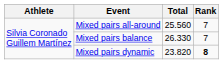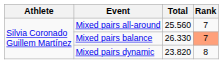 <table class="wikitable" style="font-size:90%">
 <tr>
 <th>Athlete</th>
 <th>Event</th>
 <th>Total</th>
 <th>Rank</th>
 </tr>
 <tr align=center>
 <td rowspan=3 align=left><a href='#'>Silvia Coronado</a><br><a href='#'>Guillem Martínez</a></td>
 <td align=left><a href='#'>Mixed pairs all-around</a></td>
 <td>25.560</td>
 <td>7</td>
 </tr>
 <tr align=center>
 <td align=left><a href='#'>Mixed pairs balance</a></td>
 <td>26.330</td>
-<td>7</td>
+<td style="background: lightsalmon;">7</td>
 </tr>
 <tr align=center>
 <td align=left><a href='#'>Mixed pairs dynamic</a></td>
 <td>23.820</td>
-<td><strong>8</strong></td>
+<td>8</td>
 </tr>
 </table>
